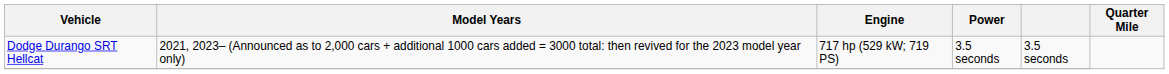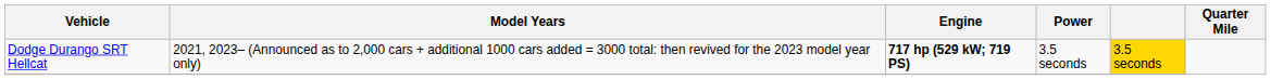 <table class="wikitable">
 <tr>
 <th>Vehicle</th>
 <th>Model Years</th>
 <th>Engine</th>
 <th>Power</th>
 <th></th>
 <th>Quarter Mile</th>
 </tr>
 <tr>
 <td><a href='#'>Dodge Durango SRT Hellcat</a></td>
 <td>2021, 2023– (Announced as to 2,000 cars + additional 1000 cars added = 3000 total: then revived for the 2023 model year only)</td>
-<td>717 hp (529 kW; 719 PS)</td>
+<td><strong>717 hp (529 kW; 719 PS)</strong></td>
 <td>3.5 seconds</td>
-<td>3.5 seconds</td>
+<td style="background: gold;">3.5 seconds</td>
 </tr>
 <tr>
 </tr>
 </table>
